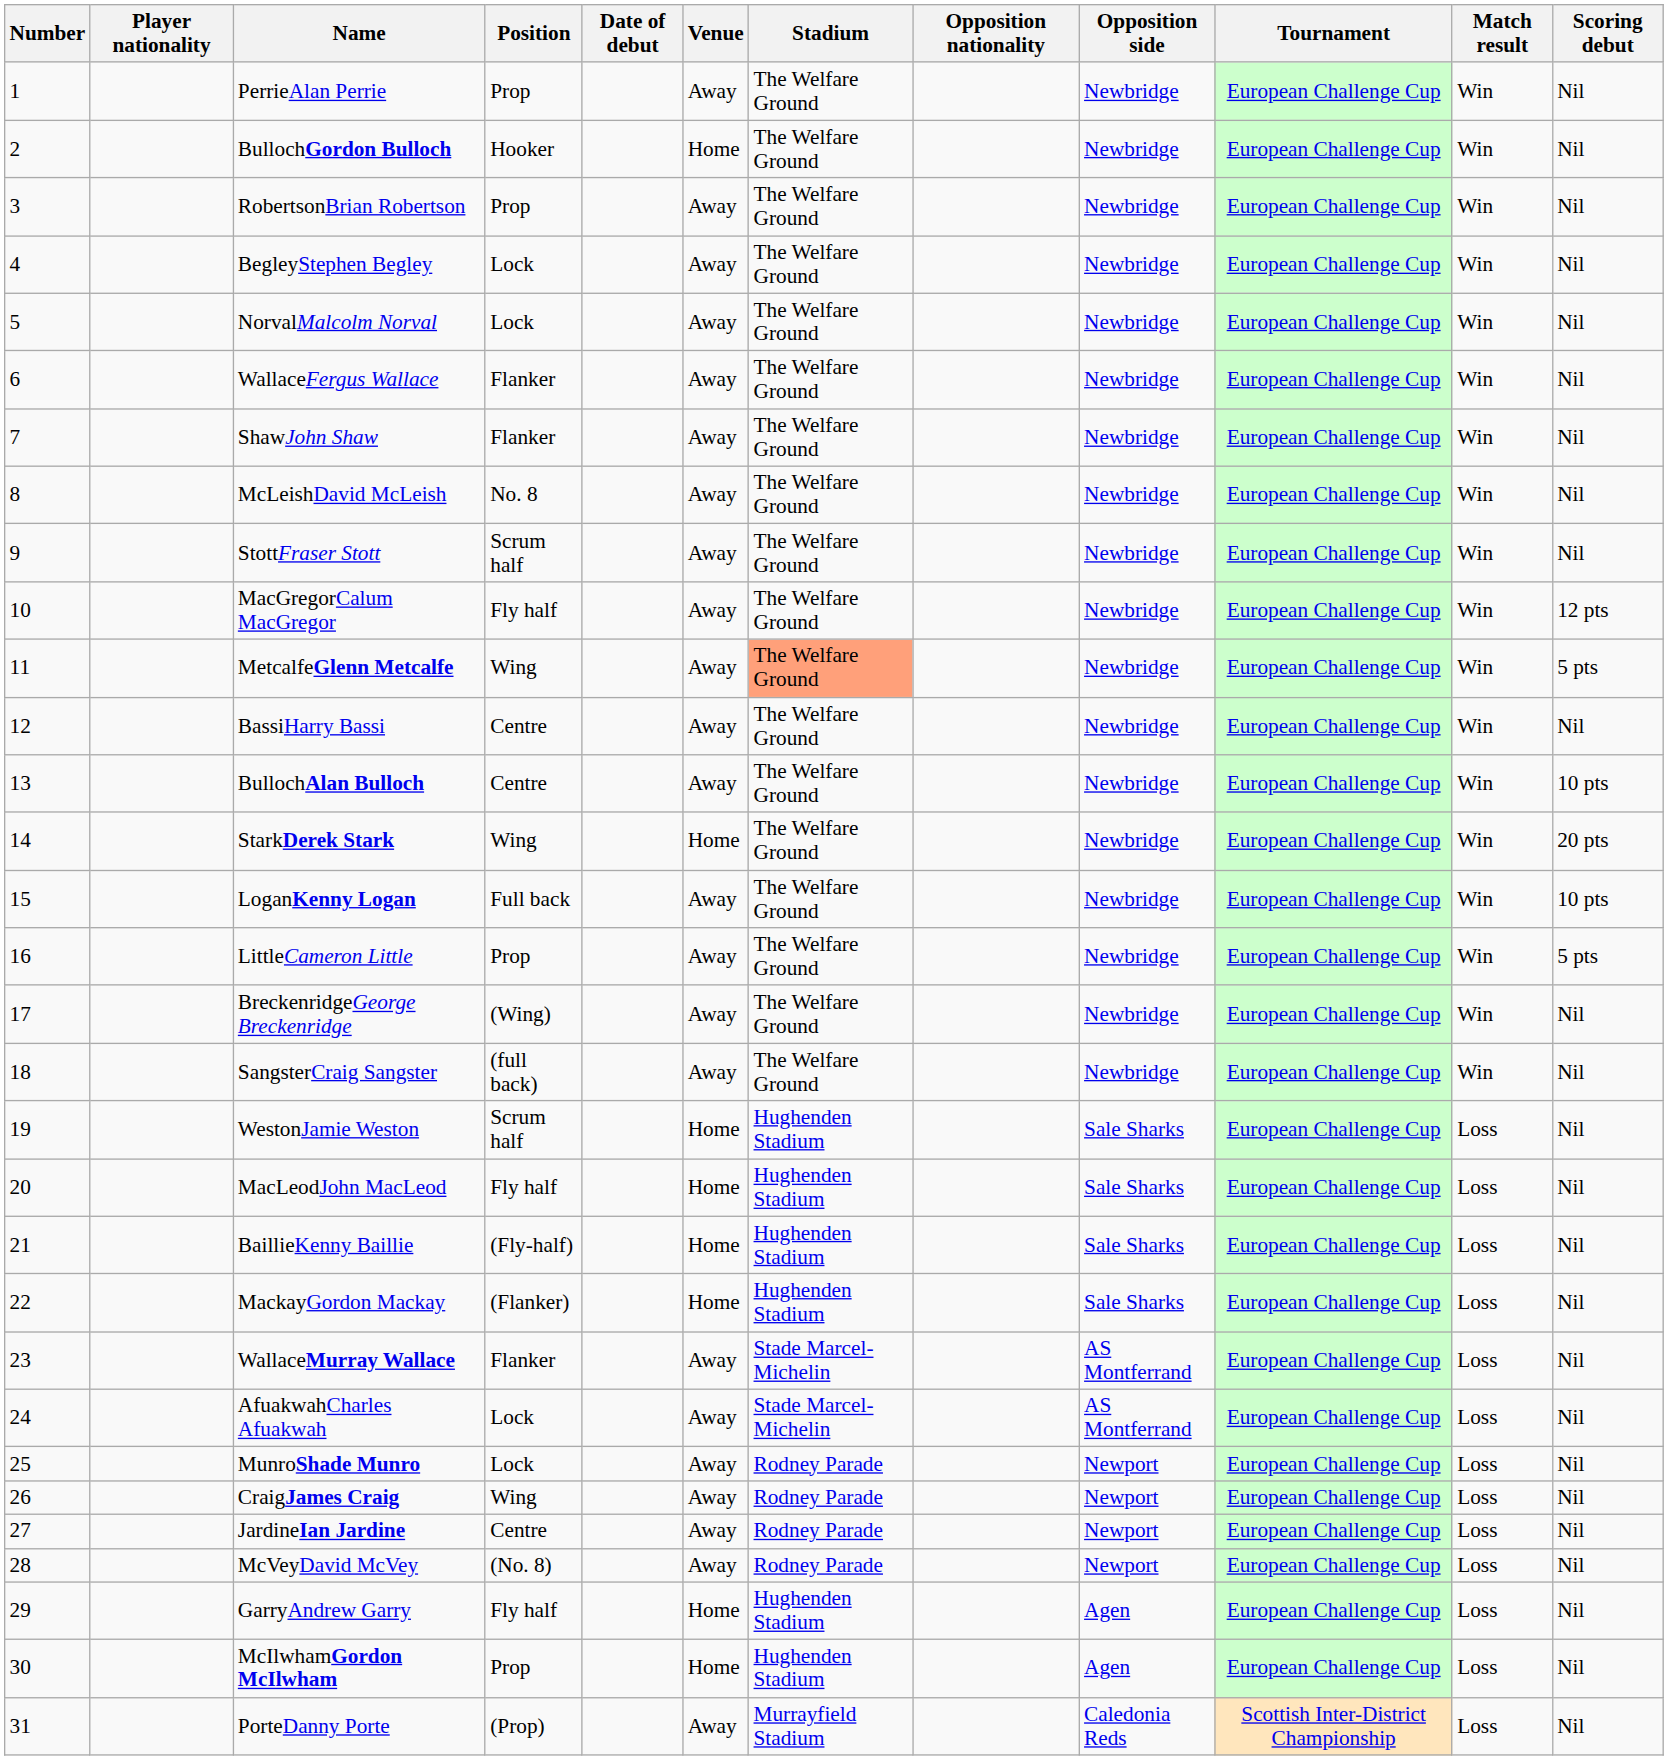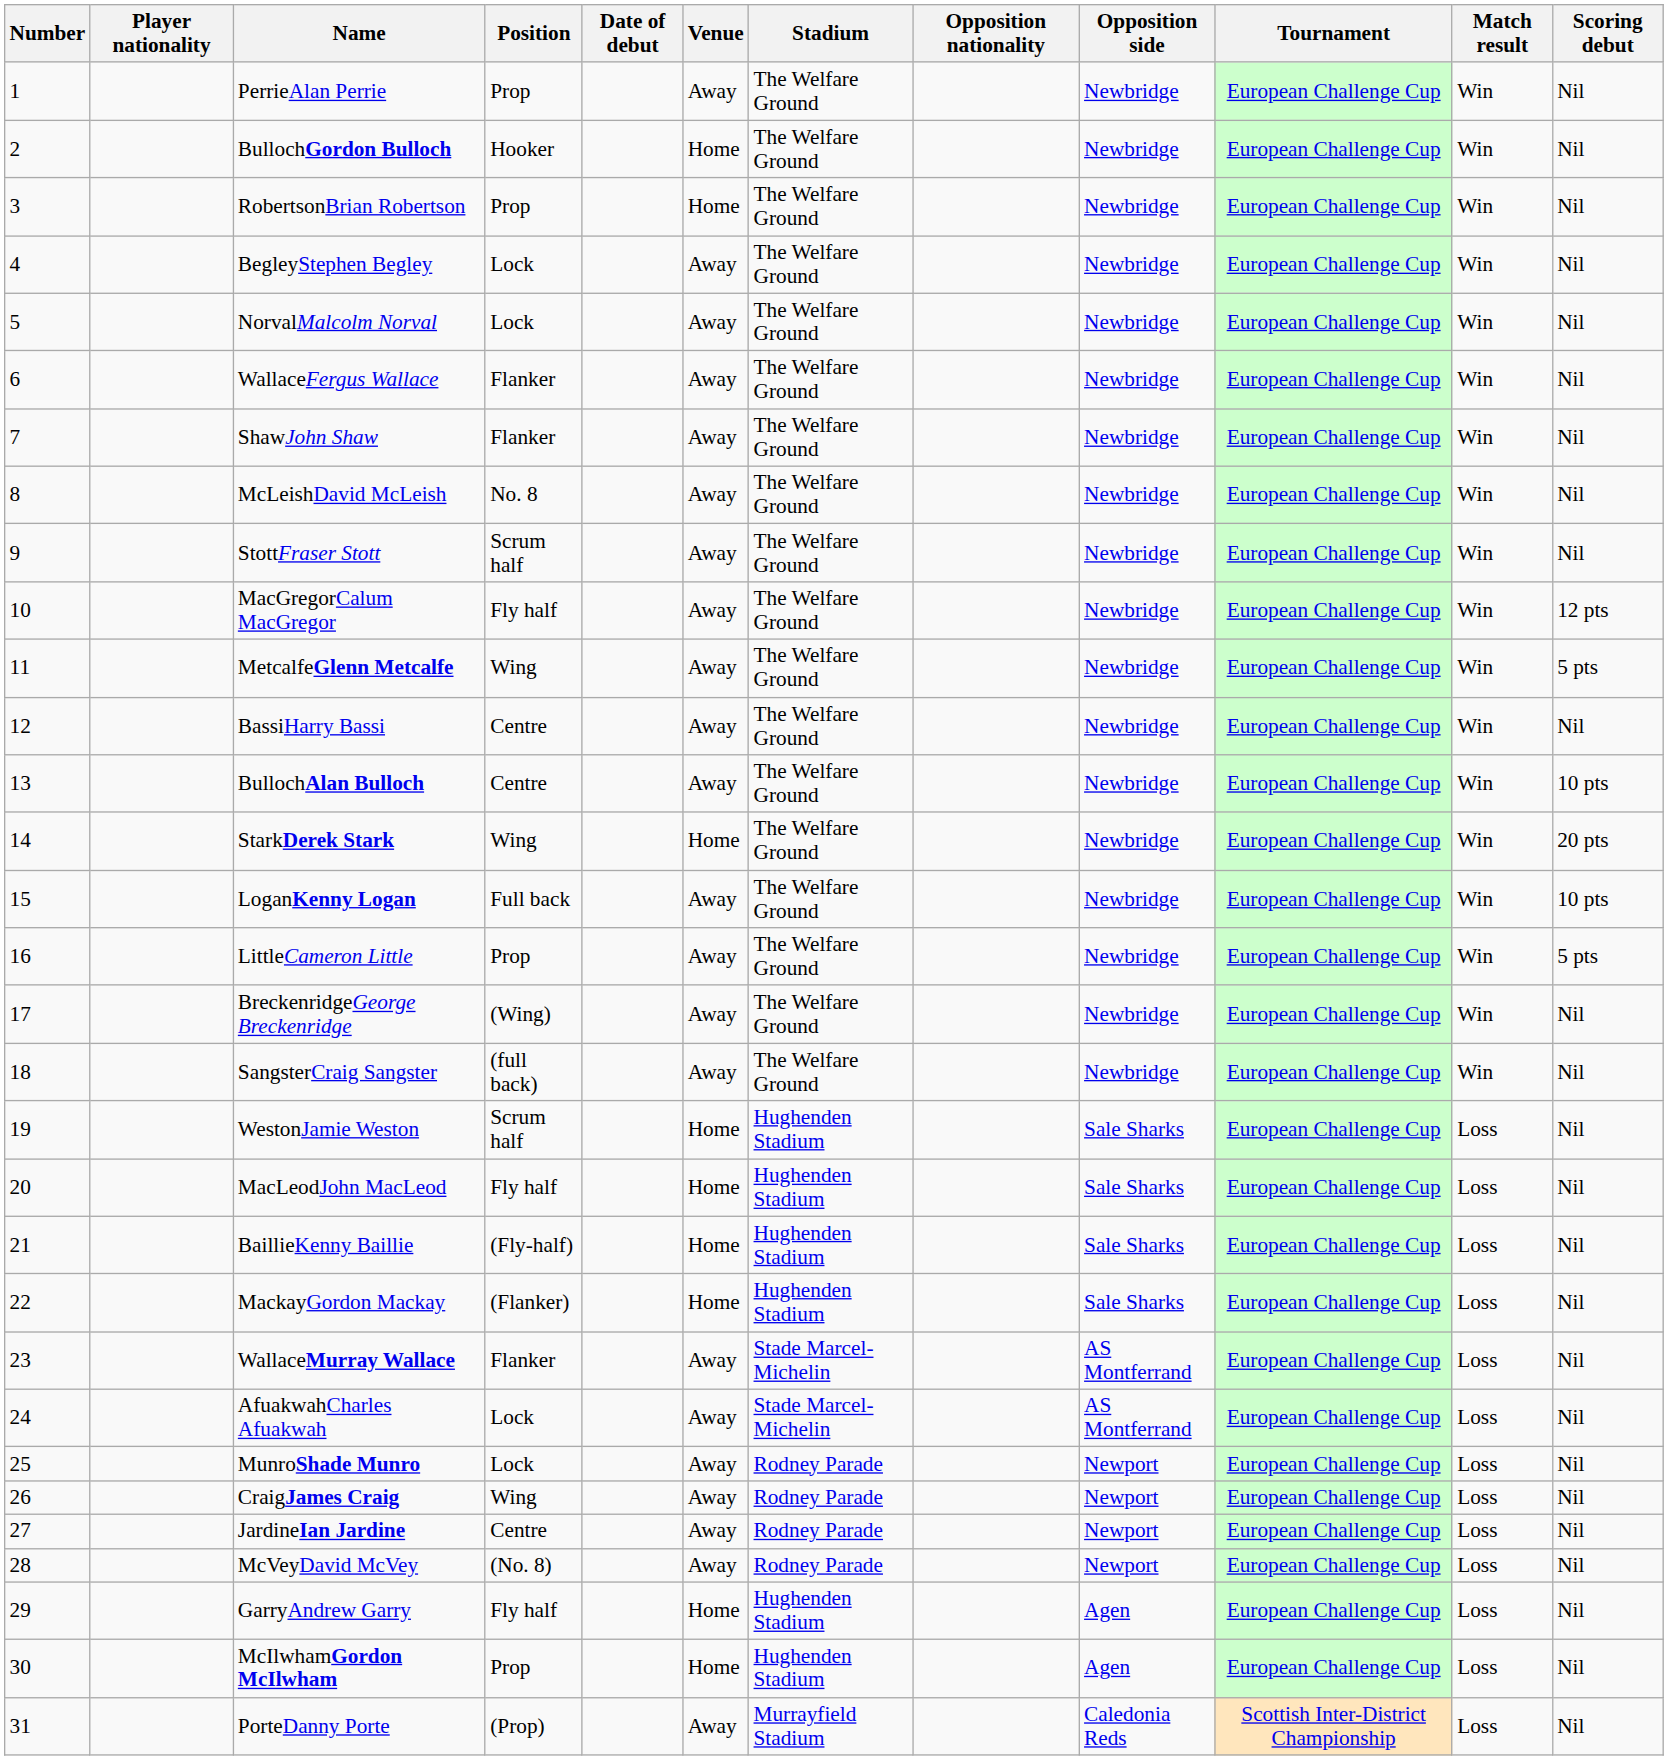 <table class="sortable wikitable">
 <tr>
 <th data-sort-type="number">Number</th>
 <th>Player nationality</th>
 <th>Name</th>
 <th>Position</th>
 <th>Date of debut</th>
 <th>Venue</th>
 <th>Stadium</th>
 <th>Opposition nationality</th>
 <th>Opposition side</th>
 <th>Tournament</th>
 <th>Match result</th>
 <th>Scoring debut</th>
 </tr>
 <tr>
 <td>1</td>
 <td style="text-align:center;"></td>
 <td><span>Perrie</span><a href='#'>Alan Perrie</a></td>
 <td>Prop</td>
 <td></td>
 <td>Away</td>
 <td>The Welfare Ground</td>
 <td style="text-align:center;"></td>
 <td><a href='#'>Newbridge</a></td>
 <td style="text-align:center; background:#ccffcc;"><a href='#'>European Challenge Cup</a></td>
 <td>Win</td>
 <td>Nil</td>
 </tr>
 <tr>
 <td>2</td>
 <td style="text-align:center;"></td>
 <td><span>Bulloch</span><strong><a href='#'>Gordon Bulloch</a></strong></td>
 <td>Hooker</td>
 <td></td>
 <td>Home</td>
 <td>The Welfare Ground</td>
 <td style="text-align:center;"></td>
 <td><a href='#'>Newbridge</a></td>
 <td style="text-align:center; background:#ccffcc;"><a href='#'>European Challenge Cup</a></td>
 <td>Win</td>
 <td>Nil</td>
 </tr>
 <tr>
 <td>3</td>
 <td style="text-align:center;"></td>
 <td><span>Robertson</span><a href='#'>Brian Robertson</a></td>
 <td>Prop</td>
 <td></td>
-<td>Away</td>
+<td>Home</td>
 <td>The Welfare Ground</td>
 <td style="text-align:center;"></td>
 <td><a href='#'>Newbridge</a></td>
 <td style="text-align:center; background:#ccffcc;"><a href='#'>European Challenge Cup</a></td>
 <td>Win</td>
 <td>Nil</td>
 </tr>
 <tr>
 <td>4</td>
 <td style="text-align:center;"></td>
 <td><span>Begley</span><a href='#'>Stephen Begley</a></td>
 <td>Lock</td>
 <td></td>
 <td>Away</td>
 <td>The Welfare Ground</td>
 <td style="text-align:center;"></td>
 <td><a href='#'>Newbridge</a></td>
 <td style="text-align:center; background:#ccffcc;"><a href='#'>European Challenge Cup</a></td>
 <td>Win</td>
 <td>Nil</td>
 </tr>
 <tr>
 <td>5</td>
 <td style="text-align:center;"></td>
 <td><span>Norval</span><em><a href='#'>Malcolm Norval</a></em></td>
 <td>Lock</td>
 <td></td>
 <td>Away</td>
 <td>The Welfare Ground</td>
 <td style="text-align:center;"></td>
 <td><a href='#'>Newbridge</a></td>
 <td style="text-align:center; background:#ccffcc;"><a href='#'>European Challenge Cup</a></td>
 <td>Win</td>
 <td>Nil</td>
 </tr>
 <tr>
 <td>6</td>
 <td style="text-align:center;"></td>
 <td><span>Wallace</span><em><a href='#'>Fergus Wallace</a></em></td>
 <td>Flanker</td>
 <td></td>
 <td>Away</td>
 <td>The Welfare Ground</td>
 <td style="text-align:center;"></td>
 <td><a href='#'>Newbridge</a></td>
 <td style="text-align:center; background:#ccffcc;"><a href='#'>European Challenge Cup</a></td>
 <td>Win</td>
 <td>Nil</td>
 </tr>
 <tr>
 <td>7</td>
 <td style="text-align:center;"></td>
 <td><span>Shaw</span><em><a href='#'>John Shaw</a></em></td>
 <td>Flanker</td>
 <td></td>
 <td>Away</td>
 <td>The Welfare Ground</td>
 <td style="text-align:center;"></td>
 <td><a href='#'>Newbridge</a></td>
 <td style="text-align:center; background:#ccffcc;"><a href='#'>European Challenge Cup</a></td>
 <td>Win</td>
 <td>Nil</td>
 </tr>
 <tr>
 <td>8</td>
 <td style="text-align:center;"></td>
 <td><span>McLeish</span><a href='#'>David McLeish</a></td>
 <td>No. 8</td>
 <td></td>
 <td>Away</td>
 <td>The Welfare Ground</td>
 <td style="text-align:center;"></td>
 <td><a href='#'>Newbridge</a></td>
 <td style="text-align:center; background:#ccffcc;"><a href='#'>European Challenge Cup</a></td>
 <td>Win</td>
 <td>Nil</td>
 </tr>
 <tr>
 <td>9</td>
 <td style="text-align:center;"></td>
 <td><span>Stott</span><em><a href='#'>Fraser Stott</a></em></td>
 <td>Scrum half</td>
 <td></td>
 <td>Away</td>
 <td>The Welfare Ground</td>
 <td style="text-align:center;"></td>
 <td><a href='#'>Newbridge</a></td>
 <td style="text-align:center; background:#ccffcc;"><a href='#'>European Challenge Cup</a></td>
 <td>Win</td>
 <td>Nil</td>
 </tr>
 <tr>
 <td>10</td>
 <td style="text-align:center;"></td>
 <td><span>MacGregor</span><a href='#'>Calum MacGregor</a></td>
 <td>Fly half</td>
 <td></td>
 <td>Away</td>
 <td>The Welfare Ground</td>
 <td style="text-align:center;"></td>
 <td><a href='#'>Newbridge</a></td>
 <td style="text-align:center; background:#ccffcc;"><a href='#'>European Challenge Cup</a></td>
 <td>Win</td>
 <td>12 pts</td>
 </tr>
 <tr>
 <td>11</td>
 <td style="text-align:center;"></td>
 <td><span>Metcalfe</span><strong><a href='#'>Glenn Metcalfe</a></strong></td>
 <td>Wing</td>
 <td></td>
 <td>Away</td>
-<td style="background: lightsalmon;">The Welfare Ground</td>
+<td>The Welfare Ground</td>
 <td style="text-align:center;"></td>
 <td><a href='#'>Newbridge</a></td>
 <td style="text-align:center; background:#ccffcc;"><a href='#'>European Challenge Cup</a></td>
 <td>Win</td>
 <td>5 pts</td>
 </tr>
 <tr>
 <td>12</td>
 <td style="text-align:center;"></td>
 <td><span>Bassi</span><a href='#'>Harry Bassi</a></td>
 <td>Centre</td>
 <td></td>
 <td>Away</td>
 <td>The Welfare Ground</td>
 <td style="text-align:center;"></td>
 <td><a href='#'>Newbridge</a></td>
 <td style="text-align:center; background:#ccffcc;"><a href='#'>European Challenge Cup</a></td>
 <td>Win</td>
 <td>Nil</td>
 </tr>
 <tr>
 <td>13</td>
 <td style="text-align:center;"></td>
 <td><span>Bulloch</span><strong><a href='#'>Alan Bulloch</a></strong></td>
 <td>Centre</td>
 <td></td>
 <td>Away</td>
 <td>The Welfare Ground</td>
 <td style="text-align:center;"></td>
 <td><a href='#'>Newbridge</a></td>
 <td style="text-align:center; background:#ccffcc;"><a href='#'>European Challenge Cup</a></td>
 <td>Win</td>
 <td>10 pts</td>
 </tr>
 <tr>
 <td>14</td>
 <td style="text-align:center;"></td>
 <td><span>Stark</span><strong><a href='#'>Derek Stark</a></strong></td>
 <td>Wing</td>
 <td></td>
 <td>Home</td>
 <td>The Welfare Ground</td>
 <td style="text-align:center;"></td>
 <td><a href='#'>Newbridge</a></td>
 <td style="text-align:center; background:#ccffcc;"><a href='#'>European Challenge Cup</a></td>
 <td>Win</td>
 <td>20 pts</td>
 </tr>
 <tr>
 <td>15</td>
 <td style="text-align:center;"></td>
 <td><span>Logan</span><strong><a href='#'>Kenny Logan</a></strong></td>
 <td>Full back</td>
 <td></td>
 <td>Away</td>
 <td>The Welfare Ground</td>
 <td style="text-align:center;"></td>
 <td><a href='#'>Newbridge</a></td>
 <td style="text-align:center; background:#ccffcc;"><a href='#'>European Challenge Cup</a></td>
 <td>Win</td>
 <td>10 pts</td>
 </tr>
 <tr>
 <td>16</td>
 <td style="text-align:center;"></td>
 <td><span>Little</span><em><a href='#'>Cameron Little</a></em></td>
 <td>Prop</td>
 <td></td>
 <td>Away</td>
 <td>The Welfare Ground</td>
 <td style="text-align:center;"></td>
 <td><a href='#'>Newbridge</a></td>
 <td style="text-align:center; background:#ccffcc;"><a href='#'>European Challenge Cup</a></td>
 <td>Win</td>
 <td>5 pts</td>
 </tr>
 <tr>
 <td>17</td>
 <td style="text-align:center;"></td>
 <td><span>Breckenridge</span><em><a href='#'>George Breckenridge</a></em></td>
 <td>(Wing)</td>
 <td></td>
 <td>Away</td>
 <td>The Welfare Ground</td>
 <td style="text-align:center;"></td>
 <td><a href='#'>Newbridge</a></td>
 <td style="text-align:center; background:#ccffcc;"><a href='#'>European Challenge Cup</a></td>
 <td>Win</td>
 <td>Nil</td>
 </tr>
 <tr>
 <td>18</td>
 <td style="text-align:center;"></td>
 <td><span>Sangster</span><a href='#'>Craig Sangster</a></td>
 <td>(full back)</td>
 <td></td>
 <td>Away</td>
 <td>The Welfare Ground</td>
 <td style="text-align:center;"></td>
 <td><a href='#'>Newbridge</a></td>
 <td style="text-align:center; background:#ccffcc;"><a href='#'>European Challenge Cup</a></td>
 <td>Win</td>
 <td>Nil</td>
 </tr>
 <tr>
 <td>19</td>
 <td style="text-align:center;"></td>
 <td><span>Weston</span><a href='#'>Jamie Weston</a></td>
 <td>Scrum half</td>
 <td></td>
 <td>Home</td>
 <td><a href='#'>Hughenden Stadium</a></td>
 <td style="text-align:center;"></td>
 <td><a href='#'>Sale Sharks</a></td>
 <td style="text-align:center; background:#ccffcc;"><a href='#'>European Challenge Cup</a></td>
 <td>Loss</td>
 <td>Nil</td>
 </tr>
 <tr>
 <td>20</td>
 <td style="text-align:center;"></td>
 <td><span>MacLeod</span><a href='#'>John MacLeod</a></td>
 <td>Fly half</td>
 <td></td>
 <td>Home</td>
 <td><a href='#'>Hughenden Stadium</a></td>
 <td style="text-align:center;"></td>
 <td><a href='#'>Sale Sharks</a></td>
 <td style="text-align:center; background:#ccffcc;"><a href='#'>European Challenge Cup</a></td>
 <td>Loss</td>
 <td>Nil</td>
 </tr>
 <tr>
 <td>21</td>
 <td style="text-align:center;"></td>
 <td><span>Baillie</span><a href='#'>Kenny Baillie</a></td>
 <td>(Fly-half)</td>
 <td></td>
 <td>Home</td>
 <td><a href='#'>Hughenden Stadium</a></td>
 <td style="text-align:center;"></td>
 <td><a href='#'>Sale Sharks</a></td>
 <td style="text-align:center; background:#ccffcc;"><a href='#'>European Challenge Cup</a></td>
 <td>Loss</td>
 <td>Nil</td>
 </tr>
 <tr>
 <td>22</td>
 <td style="text-align:center;"></td>
 <td><span>Mackay</span><a href='#'>Gordon Mackay</a></td>
 <td>(Flanker)</td>
 <td></td>
 <td>Home</td>
 <td><a href='#'>Hughenden Stadium</a></td>
 <td style="text-align:center;"></td>
 <td><a href='#'>Sale Sharks</a></td>
 <td style="text-align:center; background:#ccffcc;"><a href='#'>European Challenge Cup</a></td>
 <td>Loss</td>
 <td>Nil</td>
 </tr>
 <tr>
 <td>23</td>
 <td style="text-align:center;"></td>
 <td><span>Wallace</span><strong><a href='#'>Murray Wallace</a></strong></td>
 <td>Flanker</td>
 <td></td>
 <td>Away</td>
 <td><a href='#'>Stade Marcel-Michelin</a></td>
 <td style="text-align:center;"></td>
 <td><a href='#'>AS Montferrand</a></td>
 <td style="text-align:center; background:#ccffcc;"><a href='#'>European Challenge Cup</a></td>
 <td>Loss</td>
 <td>Nil</td>
 </tr>
 <tr>
 <td>24</td>
 <td style="text-align:center;"></td>
 <td><span>Afuakwah</span><a href='#'>Charles Afuakwah</a></td>
 <td>Lock</td>
 <td></td>
 <td>Away</td>
 <td><a href='#'>Stade Marcel-Michelin</a></td>
 <td style="text-align:center;"></td>
 <td><a href='#'>AS Montferrand</a></td>
 <td style="text-align:center; background:#ccffcc;"><a href='#'>European Challenge Cup</a></td>
 <td>Loss</td>
 <td>Nil</td>
 </tr>
 <tr>
 <td>25</td>
 <td style="text-align:center;"></td>
 <td><span>Munro</span><strong><a href='#'>Shade Munro</a></strong></td>
 <td>Lock</td>
 <td></td>
 <td>Away</td>
 <td><a href='#'>Rodney Parade</a></td>
 <td style="text-align:center;"></td>
 <td><a href='#'>Newport</a></td>
 <td style="text-align:center; background:#ccffcc;"><a href='#'>European Challenge Cup</a></td>
 <td>Loss</td>
 <td>Nil</td>
 </tr>
 <tr>
 <td>26</td>
 <td style="text-align:center;"></td>
 <td><span>Craig</span><strong><a href='#'>James Craig</a></strong></td>
 <td>Wing</td>
 <td></td>
 <td>Away</td>
 <td><a href='#'>Rodney Parade</a></td>
 <td style="text-align:center;"></td>
 <td><a href='#'>Newport</a></td>
 <td style="text-align:center; background:#ccffcc;"><a href='#'>European Challenge Cup</a></td>
 <td>Loss</td>
 <td>Nil</td>
 </tr>
 <tr>
 <td>27</td>
 <td style="text-align:center;"></td>
 <td><span>Jardine</span><strong><a href='#'>Ian Jardine</a></strong></td>
 <td>Centre</td>
 <td></td>
 <td>Away</td>
 <td><a href='#'>Rodney Parade</a></td>
 <td style="text-align:center;"></td>
 <td><a href='#'>Newport</a></td>
 <td style="text-align:center; background:#ccffcc;"><a href='#'>European Challenge Cup</a></td>
 <td>Loss</td>
 <td>Nil</td>
 </tr>
 <tr>
 <td>28</td>
 <td style="text-align:center;"></td>
 <td><span>McVey</span><a href='#'>David McVey</a></td>
 <td>(No. 8)</td>
 <td></td>
 <td>Away</td>
 <td><a href='#'>Rodney Parade</a></td>
 <td style="text-align:center;"></td>
 <td><a href='#'>Newport</a></td>
 <td style="text-align:center; background:#ccffcc;"><a href='#'>European Challenge Cup</a></td>
 <td>Loss</td>
 <td>Nil</td>
 </tr>
 <tr>
 <td>29</td>
 <td style="text-align:center;"></td>
 <td><span>Garry</span><a href='#'>Andrew Garry</a></td>
 <td>Fly half</td>
 <td></td>
 <td>Home</td>
 <td><a href='#'>Hughenden Stadium</a></td>
 <td style="text-align:center;"></td>
 <td><a href='#'>Agen</a></td>
 <td style="text-align:center; background:#ccffcc;"><a href='#'>European Challenge Cup</a></td>
 <td>Loss</td>
 <td>Nil</td>
 </tr>
 <tr>
 <td>30</td>
 <td style="text-align:center;"></td>
 <td><span>McIlwham</span><strong><a href='#'>Gordon McIlwham</a></strong></td>
 <td>Prop</td>
 <td></td>
 <td>Home</td>
 <td><a href='#'>Hughenden Stadium</a></td>
 <td style="text-align:center;"></td>
 <td><a href='#'>Agen</a></td>
 <td style="text-align:center; background:#ccffcc;"><a href='#'>European Challenge Cup</a></td>
 <td>Loss</td>
 <td>Nil</td>
 </tr>
 <tr>
 <td>31</td>
 <td style="text-align:center;"></td>
 <td><span>Porte</span><a href='#'>Danny Porte</a></td>
 <td>(Prop)</td>
 <td></td>
 <td>Away</td>
 <td><a href='#'>Murrayfield Stadium</a></td>
 <td style="text-align:center;"></td>
 <td><a href='#'>Caledonia Reds</a></td>
 <td style="text-align:center; background:#FFE6BD;"><a href='#'>Scottish Inter-District Championship</a></td>
 <td>Loss</td>
 <td>Nil</td>
 </tr>
 </table>
